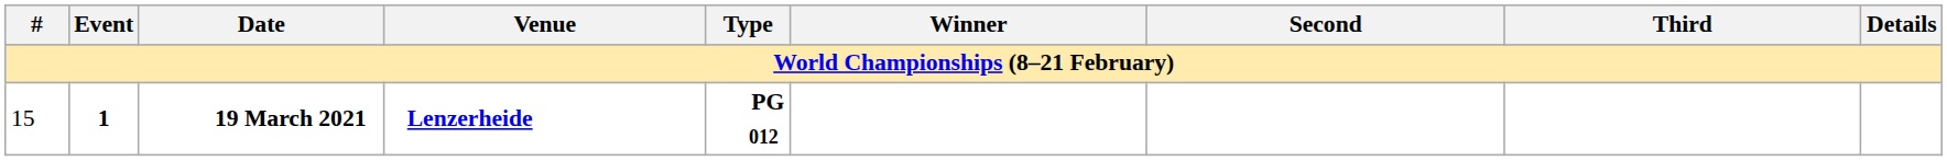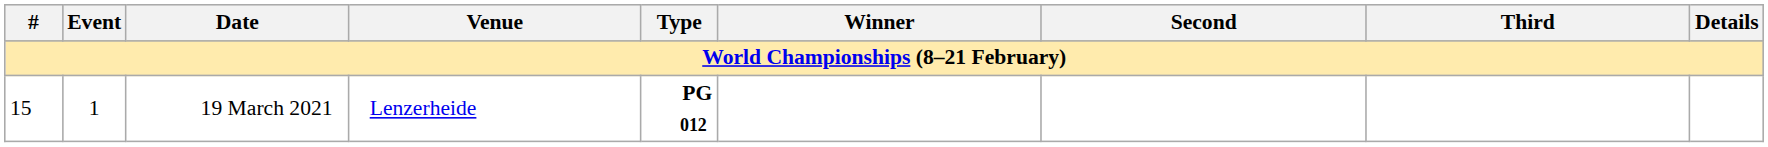 <table class="wikitable plainrowheaders" style="background:#fff; font-size:86%; line-height:16px; border:grey solid 1px; border-collapse:collapse;">
 <tr>
 <th style="width:30px;">#</th>
 <th style="width:33px;">Event</th>
 <th style="width:135px;">Date</th>
 <th style="width:180px;">Venue</th>
 <th style="width:42px;">Type</th>
 <th style="width:200px;">Winner</th>
 <th style="width:200px;">Second</th>
 <th style="width:200px;">Third</th>
 <th style="width:10px;">Details</th>
 </tr>
 <tr style="background:#FFEBAD">
 <td colspan="9" style="text-align:center;"><strong><a href='#'>World Championships</a> (8–21 February)</strong></td>
 </tr>
 <tr>
 <td>15</td>
-<td align="center"><strong>1</strong></td>
-<td align="right"><strong>19 March 2021  </strong></td>
-<td><strong>   <a href='#'>Lenzerheide</a></strong></td>
+<td align="center">1</td>
+<td align="right">19 March 2021  </td>
+<td>   <a href='#'>Lenzerheide</a></td>
 <td align=right><strong>PG <sub>012</sub> </strong></td>
 <td style="vertical-align: top;"></td>
 <td style="vertical-align: top;"></td>
 <td style="vertical-align: top;"></td>
 <td></td>
 </tr>
 </table>
